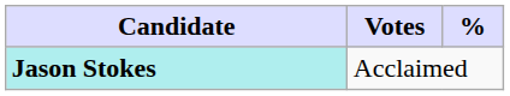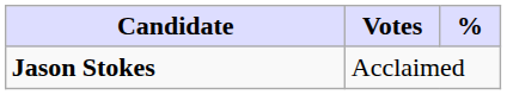 <table class="wikitable">
 <tr>
 <th style="background:#ddf; width:200px;">Candidate</th>
 <th style="background:#ddf; width:50px;">Votes</th>
 <th style="background:#ddf; width:30px;">%</th>
 </tr>
 <tr>
-<td style="background: paleturquoise;"><strong>Jason Stokes</strong></td>
+<td><strong>Jason Stokes</strong></td>
 <td colspan="2">Acclaimed</td>
 </tr>
 </table>
